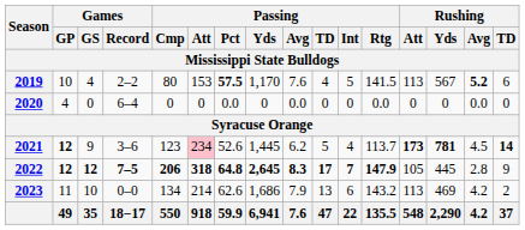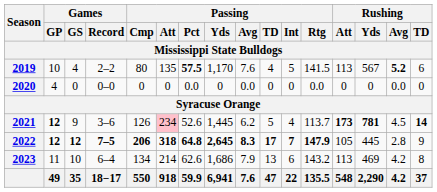 <table class="wikitable" style="text-align:center;">
 <tr>
 <th rowspan="2">Season</th>
 <th colspan="3">Games</th>
 <th colspan="8">Passing</th>
 <th colspan="5">Rushing</th>
 </tr>
 <tr>
 <th>GP</th>
 <th>GS</th>
 <th>Record</th>
 <th>Cmp</th>
 <th>Att</th>
 <th>Pct</th>
 <th>Yds</th>
 <th>Avg</th>
 <th>TD</th>
 <th>Int</th>
 <th>Rtg</th>
 <th>Att</th>
 <th>Yds</th>
 <th>Avg</th>
 <th>TD</th>
 </tr>
 <tr>
 <th colspan="16">Mississippi State Bulldogs</th>
 </tr>
 <tr>
 <th><a href='#'>2019</a></th>
 <td>10</td>
 <td>4</td>
 <td>2–2</td>
 <td>80</td>
-<td>153</td>
+<td>135</td>
 <td><strong>57.5</strong></td>
 <td>1,170</td>
 <td>7.6</td>
 <td>4</td>
 <td>5</td>
 <td>141.5</td>
 <td>113</td>
 <td>567</td>
 <td><strong>5.2</strong></td>
 <td>6</td>
 </tr>
 <tr>
 <th><a href='#'>2020</a></th>
 <td>4</td>
 <td>0</td>
-<td>6–4</td>
+<td>0–0</td>
 <td>0</td>
 <td>0</td>
 <td>0.0</td>
 <td>0</td>
 <td>0.0</td>
 <td>0</td>
 <td>0</td>
 <td>0.0</td>
 <td>0</td>
 <td>0</td>
 <td>0.0</td>
 <td>0</td>
 </tr>
 <tr>
 <th colspan="16">Syracuse Orange</th>
 </tr>
 <tr>
 <th><a href='#'>2021</a></th>
 <td><strong>12</strong></td>
 <td>9</td>
 <td>3–6</td>
-<td>123</td>
+<td>126</td>
 <td style="background: pink;">234</td>
 <td>52.6</td>
 <td>1,445</td>
 <td>6.2</td>
 <td>5</td>
 <td>4</td>
 <td>113.7</td>
 <td><strong>173</strong></td>
 <td><strong>781</strong></td>
 <td>4.5</td>
 <td><strong>14</strong></td>
 </tr>
 <tr>
 <th><a href='#'>2022</a></th>
 <td><strong>12</strong></td>
 <td><strong>12</strong></td>
 <td><strong>7–5</strong></td>
 <td><strong>206</strong></td>
 <td><strong>318</strong></td>
 <td><strong>64.8</strong></td>
 <td><strong>2,645</strong></td>
 <td><strong>8.3</strong></td>
 <td><strong>17</strong></td>
 <td><strong>7</strong></td>
 <td><strong>147.9</strong></td>
 <td>105</td>
 <td>445</td>
 <td>2.8</td>
 <td>9</td>
 </tr>
 <tr>
 <th><a href='#'>2023</a></th>
 <td>11</td>
 <td>10</td>
-<td>0–0</td>
+<td>6–4</td>
 <td>134</td>
 <td>214</td>
 <td>62.6</td>
 <td>1,686</td>
 <td>7.9</td>
 <td>13</td>
 <td>6</td>
 <td>143.2</td>
 <td>113</td>
 <td>469</td>
 <td>4.2</td>
-<td>2</td>
+<td>8</td>
 </tr>
 <tr>
 <th></th>
 <th>49</th>
 <th>35</th>
 <th>18−17</th>
 <th>550</th>
 <th>918</th>
 <th>59.9</th>
 <th>6,941</th>
 <th>7.6</th>
 <th>47</th>
 <th>22</th>
 <th>135.5</th>
 <th>548</th>
 <th>2,290</th>
 <th>4.2</th>
 <th>37</th>
 </tr>
 </table>
